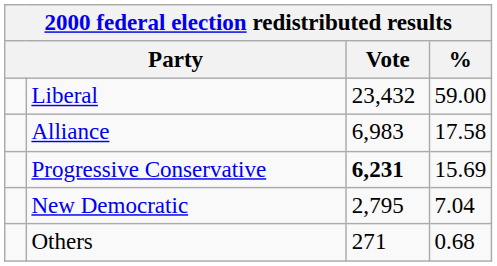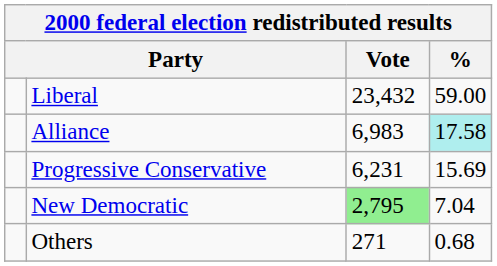 <table class="wikitable">
 <tr>
 <th colspan="4"><a href='#'>2000 federal election</a> redistributed results</th>
 </tr>
 <tr>
 <th bgcolor="#DDDDFF" width="230px" colspan="2">Party</th>
 <th bgcolor="#DDDDFF" width="50px">Vote</th>
 <th bgcolor="#DDDDFF" width="30px">%</th>
 </tr>
 <tr>
 <td> </td>
 <td><a href='#'>Liberal</a></td>
 <td>23,432</td>
 <td>59.00</td>
 </tr>
 <tr>
 <td> </td>
 <td><a href='#'>Alliance</a></td>
 <td>6,983</td>
-<td>17.58</td>
+<td style="background: paleturquoise;">17.58</td>
 </tr>
 <tr>
 <td> </td>
 <td><a href='#'>Progressive Conservative</a></td>
-<td><strong>6,231</strong></td>
+<td>6,231</td>
 <td>15.69</td>
 </tr>
 <tr>
 <td> </td>
 <td><a href='#'>New Democratic</a></td>
-<td>2,795</td>
+<td style="background: lightgreen;">2,795</td>
 <td>7.04</td>
 </tr>
 <tr>
 <td> </td>
 <td>Others</td>
 <td>271</td>
 <td>0.68</td>
 </tr>
 </table>
